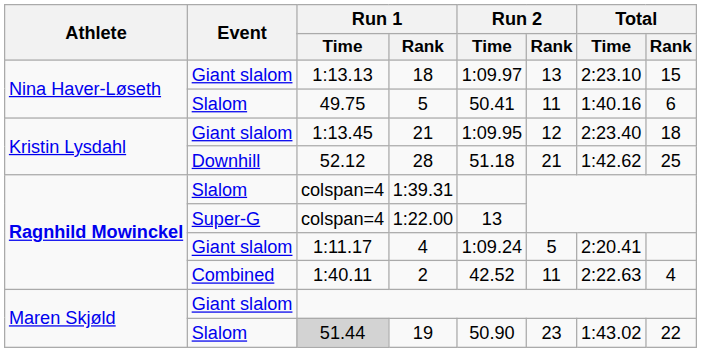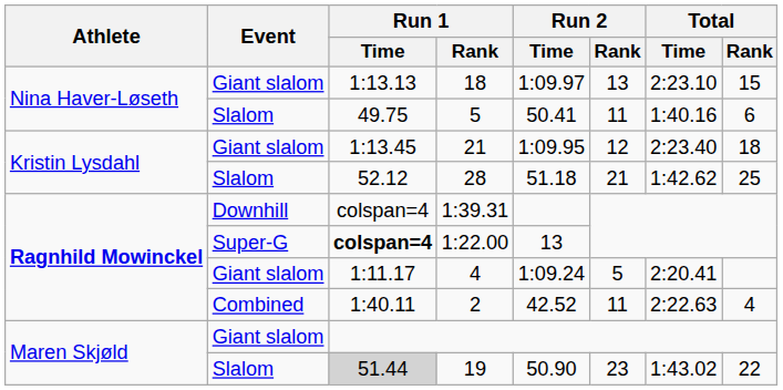 <table class="wikitable" style="font-size:90%">
 <tr>
 <th rowspan=2>Athlete</th>
 <th rowspan=2>Event</th>
 <th colspan=2>Run 1</th>
 <th colspan=2>Run 2</th>
 <th colspan=2>Total</th>
 </tr>
 <tr style="font-size:95%">
 <th>Time</th>
 <th>Rank</th>
 <th>Time</th>
 <th>Rank</th>
 <th>Time</th>
 <th>Rank</th>
 </tr>
 <tr align=center>
 <td align=left rowspan=2><a href='#'>Nina Haver-Løseth</a></td>
 <td align=left><a href='#'>Giant slalom</a></td>
 <td>1:13.13</td>
 <td>18</td>
 <td>1:09.97</td>
 <td>13</td>
 <td>2:23.10</td>
 <td>15</td>
 </tr>
 <tr align=center>
 <td align=left><a href='#'>Slalom</a></td>
 <td>49.75</td>
 <td>5</td>
 <td>50.41</td>
 <td>11</td>
 <td>1:40.16</td>
 <td>6</td>
 </tr>
 <tr align=center>
 <td align=left rowspan=2><a href='#'>Kristin Lysdahl</a></td>
 <td align=left><a href='#'>Giant slalom</a></td>
 <td>1:13.45</td>
 <td>21</td>
 <td>1:09.95</td>
 <td>12</td>
 <td>2:23.40</td>
 <td>18</td>
 </tr>
 <tr align=center>
-<td align=left><a href='#'>Downhill</a></td>
+<td align=left><a href='#'>Slalom</a></td>
 <td>52.12</td>
 <td>28</td>
 <td>51.18</td>
 <td>21</td>
 <td>1:42.62</td>
 <td>25</td>
 </tr>
 <tr align=center>
 <td align=left rowspan=4><strong><a href='#'>Ragnhild Mowinckel</a></strong></td>
-<td align=left><a href='#'>Slalom</a></td>
+<td align=left><a href='#'>Downhill</a></td>
 <td>colspan=4 </td>
 <td>1:39.31</td>
 <td></td>
 </tr>
 <tr align=center>
 <td align=left><a href='#'>Super-G</a></td>
-<td>colspan=4 </td>
+<td><strong>colspan=4 </strong></td>
 <td>1:22.00</td>
 <td>13</td>
 </tr>
 <tr align=center>
 <td align=left><a href='#'>Giant slalom</a></td>
 <td>1:11.17</td>
 <td>4</td>
 <td>1:09.24</td>
 <td>5</td>
 <td>2:20.41</td>
 <td></td>
 </tr>
 <tr align=center>
 <td align=left><a href='#'>Combined</a></td>
 <td>1:40.11</td>
 <td>2</td>
 <td>42.52</td>
 <td>11</td>
 <td>2:22.63</td>
 <td>4</td>
 </tr>
 <tr align=center>
 <td align=left rowspan=2><a href='#'>Maren Skjøld</a></td>
 <td align=left><a href='#'>Giant slalom</a></td>
 <td colspan=6></td>
 </tr>
 <tr align=center>
 <td align=left><a href='#'>Slalom</a></td>
 <td style="background: lightgrey;">51.44</td>
 <td>19</td>
 <td>50.90</td>
 <td>23</td>
 <td>1:43.02</td>
 <td>22</td>
 </tr>
 </table>
